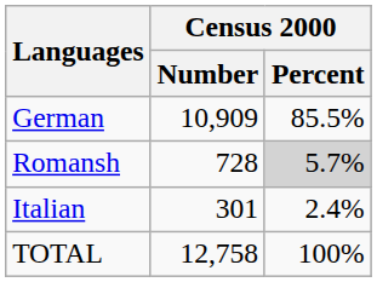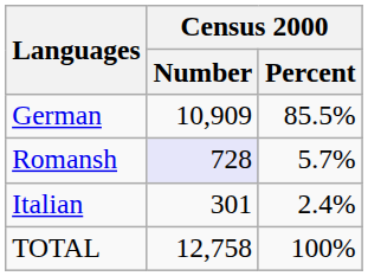 <table class="wikitable">
 <tr ---->
 <th rowspan="2">Languages</th>
 <th colspan="2">Census 2000</th>
 </tr>
 <tr ---->
 <th>Number</th>
 <th>Percent</th>
 </tr>
 <tr ---->
 <td><a href='#'>German</a></td>
 <td align=right>10,909</td>
 <td align=right>85.5%</td>
 </tr>
 <tr ---->
 <td><a href='#'>Romansh</a></td>
-<td align=right>728</td>
-<td align=right style="background: lightgrey;">5.7%</td>
+<td align=right style="background: lavender;">728</td>
+<td align=right>5.7%</td>
 </tr>
 <tr ---->
 <td><a href='#'>Italian</a></td>
 <td align=right>301</td>
 <td align=right>2.4%</td>
 </tr>
 <tr ---->
 <td>TOTAL</td>
 <td align=right>12,758</td>
 <td align=right>100%</td>
 </tr>
 </table>
